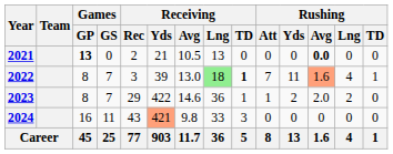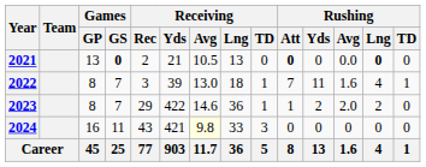 <table class="wikitable" style="text-align:center;">
 <tr>
 <th rowspan="2">Year</th>
 <th rowspan="2">Team</th>
 <th colspan="2">Games</th>
 <th colspan="5">Receiving</th>
 <th colspan="5">Rushing</th>
 </tr>
 <tr>
 <th>GP</th>
 <th>GS</th>
 <th>Rec</th>
 <th>Yds</th>
 <th>Avg</th>
 <th>Lng</th>
 <th>TD</th>
 <th>Att</th>
 <th>Yds</th>
 <th>Avg</th>
 <th>Lng</th>
 <th>TD</th>
 </tr>
 <tr>
 <th><a href='#'>2021</a></th>
 <th><a href='#'></a></th>
-<td><strong>13</strong></td>
-<td>0</td>
+<td>13</td>
+<td><strong>0</strong></td>
 <td>2</td>
 <td>21</td>
 <td>10.5</td>
 <td>13</td>
 <td>0</td>
+<td><strong>0</strong></td>
 <td>0</td>
-<td>0</td>
-<td><strong>0.0</strong></td>
-<td>0</td>
+<td>0.0</td>
+<td><strong>0</strong></td>
 <td>0</td>
 </tr>
 <tr>
 <th><a href='#'>2022</a></th>
 <th><a href='#'></a></th>
 <td>8</td>
 <td>7</td>
 <td>3</td>
 <td>39</td>
 <td>13.0</td>
-<td style="background: lightgreen;">18</td>
-<td><strong>1</strong></td>
+<td>18</td>
+<td>1</td>
 <td>7</td>
 <td>11</td>
-<td style="background: lightsalmon;">1.6</td>
+<td>1.6</td>
 <td>4</td>
 <td>1</td>
 </tr>
 <tr>
 <th><a href='#'>2023</a></th>
 <th><a href='#'></a></th>
 <td>8</td>
 <td>7</td>
 <td>29</td>
 <td>422</td>
 <td>14.6</td>
 <td>36</td>
 <td>1</td>
 <td>1</td>
 <td>2</td>
 <td>2.0</td>
 <td>2</td>
 <td>0</td>
 </tr>
 <tr>
 <th><a href='#'>2024</a></th>
 <th><a href='#'></a></th>
 <td>16</td>
 <td>11</td>
 <td>43</td>
-<td style="background: lightsalmon;">421</td>
-<td>9.8</td>
+<td>421</td>
+<td style="background: lightyellow;">9.8</td>
 <td>33</td>
 <td>3</td>
 <td>0</td>
 <td>0</td>
 <td>0</td>
 <td>0</td>
 <td>0</td>
 </tr>
 <tr>
 <th align=center colspan="2">Career</th>
 <th>45</th>
 <th>25</th>
 <th>77</th>
 <th>903</th>
 <th>11.7</th>
 <th>36</th>
 <th>5</th>
 <th>8</th>
 <th>13</th>
 <th>1.6</th>
 <th>4</th>
 <th>1</th>
 </tr>
 </table>
